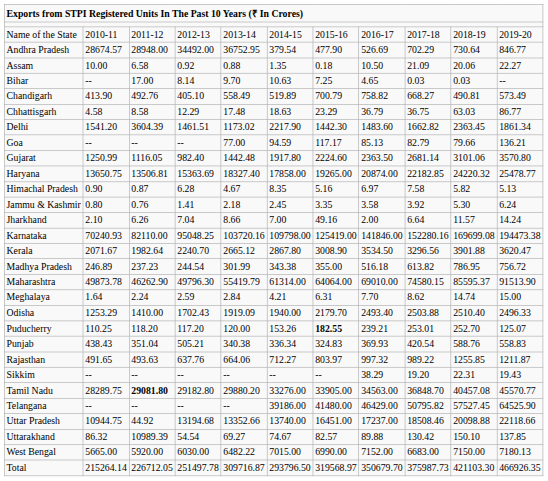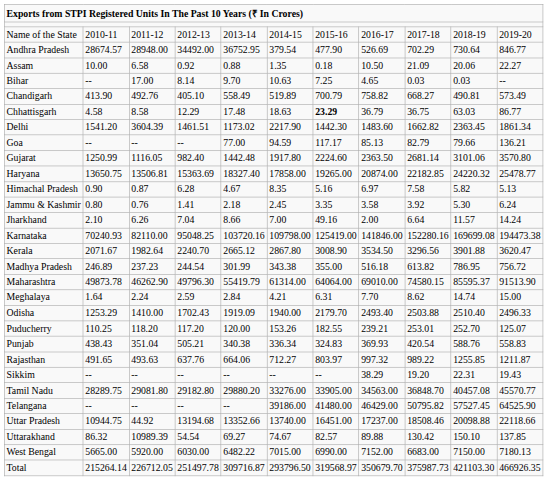 <table class="wikitable sortable mw-collapsible">
 <tr>
 <td colspan="11"><strong>Exports from STPI Registered Units In The Past 10 Years (₹ In Crores)</strong></td>
 </tr>
 <tr>
 <td colspan="11"></td>
 </tr>
 <tr>
 <td>Name of  the State</td>
 <td>2010-11</td>
 <td>2011-12</td>
 <td>2012-13</td>
 <td>2013-14</td>
 <td>2014-15</td>
 <td>2015-16</td>
 <td>2016-17</td>
 <td>2017-18</td>
 <td>2018-19</td>
 <td>2019-20</td>
 </tr>
 <tr>
 <td>Andhra Pradesh</td>
 <td>28674.57</td>
 <td>28948.00</td>
 <td>34492.00</td>
 <td>36752.95</td>
 <td>379.54</td>
 <td>477.90</td>
 <td>526.69</td>
 <td>702.29</td>
 <td>730.64</td>
 <td>846.77</td>
 </tr>
 <tr>
 <td>Assam</td>
 <td>10.00</td>
 <td>6.58</td>
 <td>0.92</td>
 <td>0.88</td>
 <td>1.35</td>
 <td>0.18</td>
 <td>10.50</td>
 <td>21.09</td>
 <td>20.06</td>
 <td>22.27</td>
 </tr>
 <tr>
 <td>Bihar</td>
 <td>--</td>
 <td>17.00</td>
 <td>8.14</td>
 <td>9.70</td>
 <td>10.63</td>
 <td>7.25</td>
 <td>4.65</td>
 <td>0.03</td>
 <td>0.03</td>
 <td>--</td>
 </tr>
 <tr>
 <td>Chandigarh</td>
 <td>413.90</td>
 <td>492.76</td>
 <td>405.10</td>
 <td>558.49</td>
 <td>519.89</td>
 <td>700.79</td>
 <td>758.82</td>
 <td>668.27</td>
 <td>490.81</td>
 <td>573.49</td>
 </tr>
 <tr>
 <td>Chhattisgarh</td>
 <td>4.58</td>
 <td>8.58</td>
 <td>12.29</td>
 <td>17.48</td>
 <td>18.63</td>
-<td>23.29</td>
+<td><strong>23.29</strong></td>
 <td>36.79</td>
 <td>36.75</td>
 <td>63.03</td>
 <td>86.77</td>
 </tr>
 <tr>
 <td>Delhi</td>
 <td>1541.20</td>
 <td>3604.39</td>
 <td>1461.51</td>
 <td>1173.02</td>
 <td>2217.90</td>
 <td>1442.30</td>
 <td>1483.60</td>
 <td>1662.82</td>
 <td>2363.45</td>
 <td>1861.34</td>
 </tr>
 <tr>
 <td>Goa</td>
 <td>--</td>
 <td>--</td>
 <td>--</td>
 <td>77.00</td>
 <td>94.59</td>
 <td>117.17</td>
 <td>85.13</td>
 <td>82.79</td>
 <td>79.66</td>
 <td>136.21</td>
 </tr>
 <tr>
 <td>Gujarat</td>
 <td>1250.99</td>
 <td>1116.05</td>
 <td>982.40</td>
 <td>1442.48</td>
 <td>1917.80</td>
 <td>2224.60</td>
 <td>2363.50</td>
 <td>2681.14</td>
 <td>3101.06</td>
 <td>3570.80</td>
 </tr>
 <tr>
 <td>Haryana</td>
 <td>13650.75</td>
 <td>13506.81</td>
 <td>15363.69</td>
 <td>18327.40</td>
 <td>17858.00</td>
 <td>19265.00</td>
 <td>20874.00</td>
 <td>22182.85</td>
 <td>24220.32</td>
 <td>25478.77</td>
 </tr>
 <tr>
 <td>Himachal Pradesh</td>
 <td>0.90</td>
 <td>0.87</td>
 <td>6.28</td>
 <td>4.67</td>
 <td>8.35</td>
 <td>5.16</td>
 <td>6.97</td>
 <td>7.58</td>
 <td>5.82</td>
 <td>5.13</td>
 </tr>
 <tr>
 <td>Jammu & Kashmir</td>
 <td>0.80</td>
 <td>0.76</td>
 <td>1.41</td>
 <td>2.18</td>
 <td>2.45</td>
 <td>3.35</td>
 <td>3.58</td>
 <td>3.92</td>
 <td>5.30</td>
 <td>6.24</td>
 </tr>
 <tr>
 <td>Jharkhand</td>
 <td>2.10</td>
 <td>6.26</td>
 <td>7.04</td>
 <td>8.66</td>
 <td>7.00</td>
 <td>49.16</td>
 <td>2.00</td>
 <td>6.64</td>
 <td>11.57</td>
 <td>14.24</td>
 </tr>
 <tr>
 <td>Karnataka</td>
 <td>70240.93</td>
 <td>82110.00</td>
 <td>95048.25</td>
 <td>103720.16</td>
 <td>109798.00</td>
 <td>125419.00</td>
 <td>141846.00</td>
 <td>152280.16</td>
 <td>169699.08</td>
 <td>194473.38</td>
 </tr>
 <tr>
 <td>Kerala</td>
 <td>2071.67</td>
 <td>1982.64</td>
 <td>2240.70</td>
 <td>2665.12</td>
 <td>2867.80</td>
 <td>3008.90</td>
 <td>3534.50</td>
 <td>3296.56</td>
 <td>3901.88</td>
 <td>3620.47</td>
 </tr>
 <tr>
 <td>Madhya Pradesh</td>
 <td>246.89</td>
 <td>237.23</td>
 <td>244.54</td>
 <td>301.99</td>
 <td>343.38</td>
 <td>355.00</td>
 <td>516.18</td>
 <td>613.82</td>
 <td>786.95</td>
 <td>756.72</td>
 </tr>
 <tr>
 <td>Maharashtra</td>
 <td>49873.78</td>
 <td>46262.90</td>
 <td>49796.30</td>
 <td>55419.79</td>
 <td>61314.00</td>
 <td>64064.00</td>
 <td>69010.00</td>
 <td>74580.15</td>
 <td>85595.37</td>
 <td>91513.90</td>
 </tr>
 <tr>
 <td>Meghalaya</td>
 <td>1.64</td>
 <td>2.24</td>
 <td>2.59</td>
 <td>2.84</td>
 <td>4.21</td>
 <td>6.31</td>
 <td>7.70</td>
 <td>8.62</td>
 <td>14.74</td>
 <td>15.00</td>
 </tr>
 <tr>
 <td>Odisha</td>
 <td>1253.29</td>
 <td>1410.00</td>
 <td>1702.43</td>
 <td>1919.09</td>
 <td>1940.00</td>
 <td>2179.70</td>
 <td>2493.40</td>
 <td>2503.88</td>
 <td>2510.40</td>
 <td>2496.33</td>
 </tr>
 <tr>
 <td>Puducherry</td>
 <td>110.25</td>
 <td>118.20</td>
 <td>117.20</td>
 <td>120.00</td>
 <td>153.26</td>
-<td><strong>182.55</strong></td>
+<td>182.55</td>
 <td>239.21</td>
 <td>253.01</td>
 <td>252.70</td>
 <td>125.07</td>
 </tr>
 <tr>
 <td>Punjab</td>
 <td>438.43</td>
 <td>351.04</td>
 <td>505.21</td>
 <td>340.38</td>
 <td>336.34</td>
 <td>324.83</td>
 <td>369.93</td>
 <td>420.54</td>
 <td>588.76</td>
 <td>558.83</td>
 </tr>
 <tr>
 <td>Rajasthan</td>
 <td>491.65</td>
 <td>493.63</td>
 <td>637.76</td>
 <td>664.06</td>
 <td>712.27</td>
 <td>803.97</td>
 <td>997.32</td>
 <td>989.22</td>
 <td>1255.85</td>
 <td>1211.87</td>
 </tr>
 <tr>
 <td>Sikkim</td>
 <td>--</td>
 <td>--</td>
 <td>--</td>
 <td>--</td>
 <td>--</td>
 <td>--</td>
 <td>38.29</td>
 <td>19.20</td>
 <td>22.31</td>
 <td>19.43</td>
 </tr>
 <tr>
 <td>Tamil Nadu</td>
 <td>28289.75</td>
-<td><strong>29081.80</strong></td>
+<td>29081.80</td>
 <td>29182.80</td>
 <td>29880.20</td>
 <td>33276.00</td>
 <td>33905.00</td>
 <td>34563.00</td>
 <td>36848.70</td>
 <td>40457.08</td>
 <td>45570.77</td>
 </tr>
 <tr>
 <td>Telangana</td>
 <td>--</td>
 <td>--</td>
 <td>--</td>
 <td>--</td>
 <td>39186.00</td>
 <td>41480.00</td>
 <td>46429.00</td>
 <td>50795.82</td>
 <td>57527.45</td>
 <td>64525.90</td>
 </tr>
 <tr>
 <td>Uttar Pradesh</td>
 <td>10944.75</td>
 <td>44.92</td>
 <td>13194.68</td>
 <td>13352.66</td>
 <td>13740.00</td>
 <td>16451.00</td>
 <td>17237.00</td>
 <td>18508.46</td>
 <td>20098.88</td>
 <td>22118.66</td>
 </tr>
 <tr>
 <td>Uttarakhand</td>
 <td>86.32</td>
 <td>10989.39</td>
 <td>54.54</td>
 <td>69.27</td>
 <td>74.67</td>
 <td>82.57</td>
 <td>89.88</td>
 <td>130.42</td>
 <td>150.10</td>
 <td>137.85</td>
 </tr>
 <tr>
 <td>West Bengal</td>
 <td>5665.00</td>
 <td>5920.00</td>
 <td>6030.00</td>
 <td>6482.22</td>
 <td>7015.00</td>
 <td>6990.00</td>
 <td>7152.00</td>
 <td>6683.00</td>
 <td>7150.00</td>
 <td>7180.13</td>
 </tr>
 <tr>
 <td>Total</td>
 <td>215264.14</td>
 <td>226712.05</td>
 <td>251497.78</td>
 <td>309716.87</td>
 <td>293796.50</td>
 <td>319568.97</td>
 <td>350679.70</td>
 <td>375987.73</td>
 <td>421103.30</td>
 <td>466926.35</td>
 </tr>
 </table>
